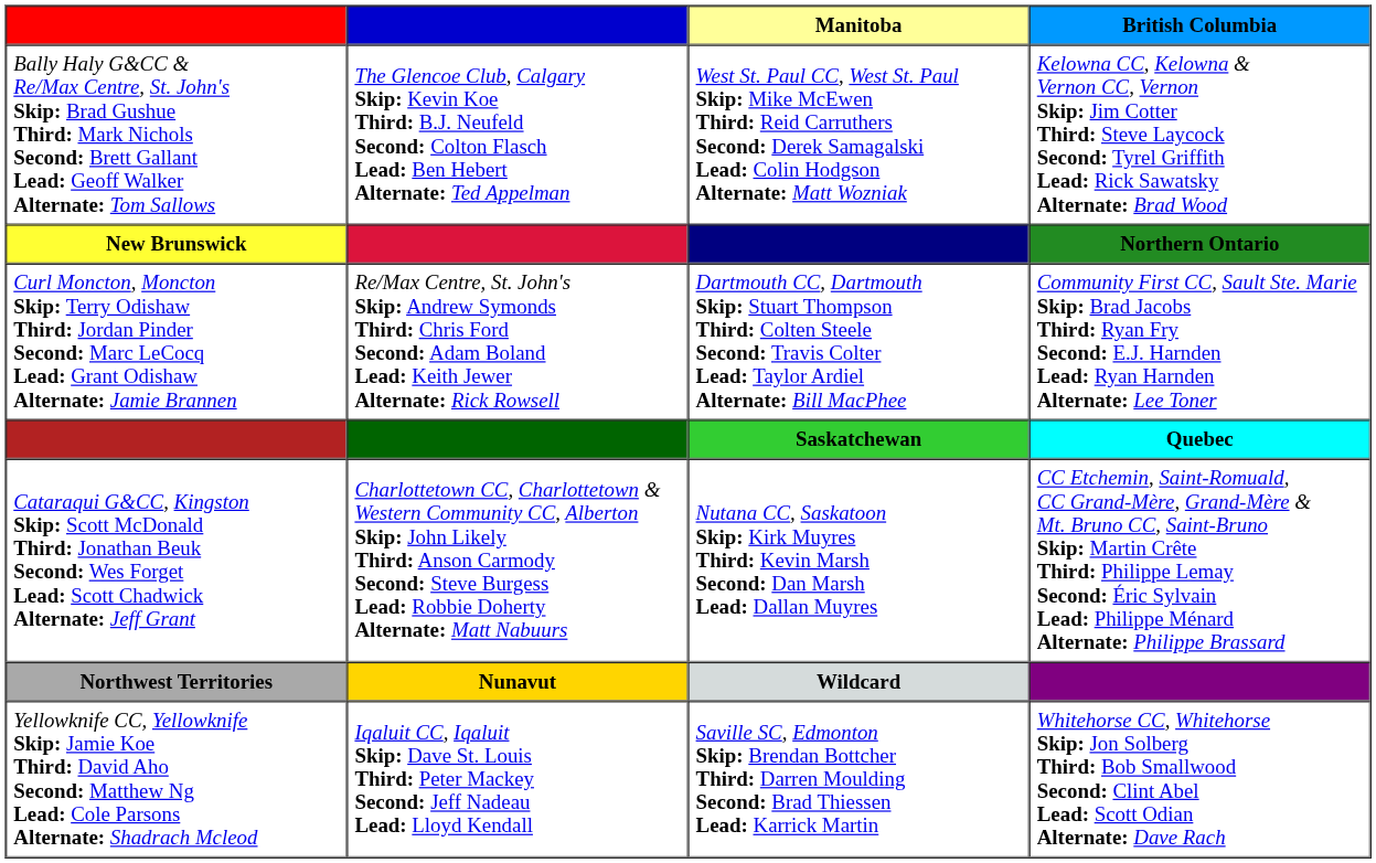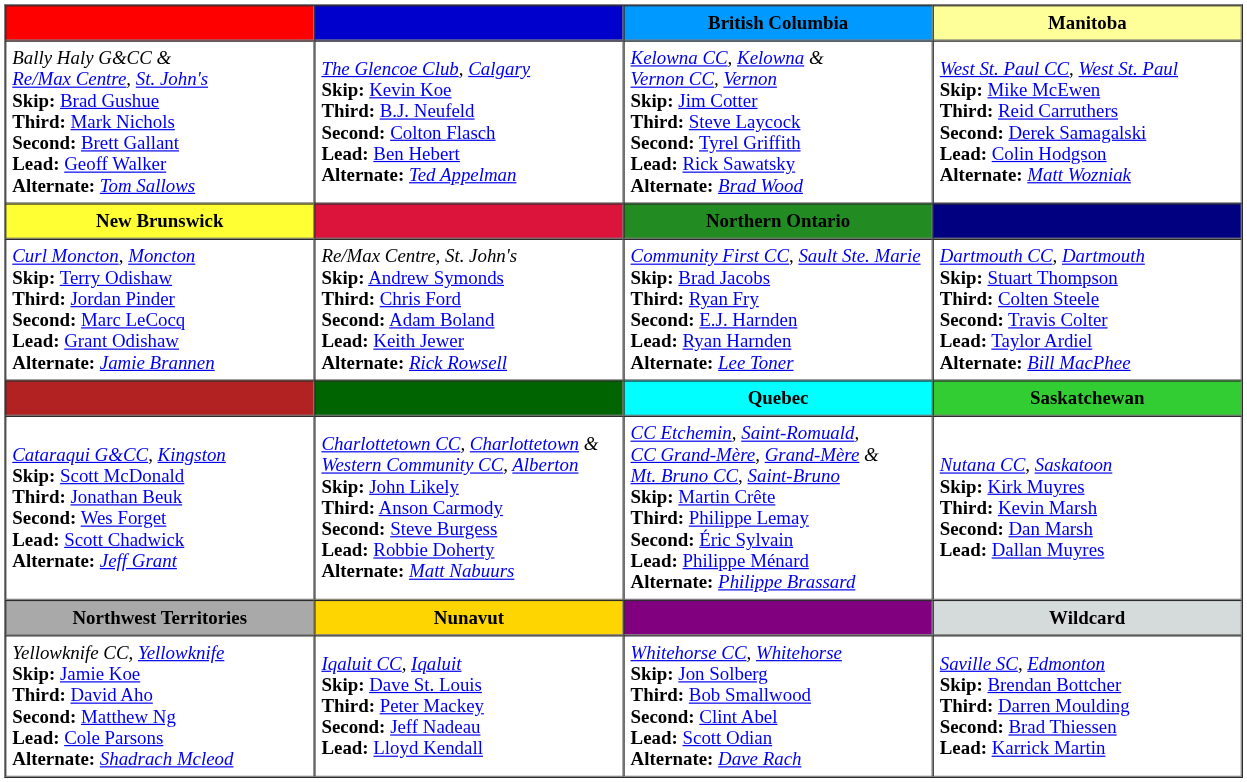 <table border=1 cellpadding=5 cellspacing=0>
 <tr>
 <th bgcolor="#FF0000" width="250"> </th>
 <th bgcolor="#0000CD" width="250"> </th>
+<th bgcolor="#0099FF" width="250"> British Columbia</th>
 <th bgcolor="#FFFF99" width="250"> Manitoba</th>
-<th bgcolor="#0099FF" width="250"> British Columbia</th>
 </tr>
 <tr>
 <td><em>Bally Haly G&CC &<br><a href='#'>Re/Max Centre</a>, <a href='#'>St. John's</a></em><br><strong>Skip:</strong> <a href='#'>Brad Gushue</a><br> <strong>Third:</strong> <a href='#'>Mark Nichols</a><br> <strong>Second:</strong> <a href='#'>Brett Gallant</a><br> <strong>Lead:</strong> <a href='#'>Geoff Walker</a><br> <strong>Alternate:</strong> <em><a href='#'>Tom Sallows</a></em></td>
 <td><em><a href='#'>The Glencoe Club</a>, <a href='#'>Calgary</a></em><br><strong>Skip:</strong> <a href='#'>Kevin Koe</a><br> <strong>Third:</strong> <a href='#'>B.J. Neufeld</a><br> <strong>Second:</strong> <a href='#'>Colton Flasch</a><br> <strong>Lead:</strong> <a href='#'>Ben Hebert</a> <br> <strong>Alternate:</strong> <em><a href='#'>Ted Appelman</a></em></td>
+<td><em><a href='#'>Kelowna CC</a>, <a href='#'>Kelowna</a> &<br><a href='#'>Vernon CC</a>, <a href='#'>Vernon</a></em><br><strong>Skip:</strong> <a href='#'>Jim Cotter</a><br> <strong>Third:</strong> <a href='#'>Steve Laycock</a><br> <strong>Second:</strong> <a href='#'>Tyrel Griffith</a><br> <strong>Lead:</strong> <a href='#'>Rick Sawatsky</a> <br> <strong>Alternate:</strong> <em><a href='#'>Brad Wood</a></em> </td>
 <td><em><a href='#'>West St. Paul CC</a>, <a href='#'>West St. Paul</a></em><br><strong>Skip:</strong> <a href='#'>Mike McEwen</a><br> <strong>Third:</strong> <a href='#'>Reid Carruthers</a><br> <strong>Second:</strong> <a href='#'>Derek Samagalski</a><br> <strong>Lead:</strong> <a href='#'>Colin Hodgson</a><br> <strong>Alternate:</strong> <em><a href='#'>Matt Wozniak</a></em></td>
-<td><em><a href='#'>Kelowna CC</a>, <a href='#'>Kelowna</a> &<br><a href='#'>Vernon CC</a>, <a href='#'>Vernon</a></em><br><strong>Skip:</strong> <a href='#'>Jim Cotter</a><br> <strong>Third:</strong> <a href='#'>Steve Laycock</a><br> <strong>Second:</strong> <a href='#'>Tyrel Griffith</a><br> <strong>Lead:</strong> <a href='#'>Rick Sawatsky</a> <br> <strong>Alternate:</strong> <em><a href='#'>Brad Wood</a></em> </td>
 </tr>
 <tr border=1 cellpadding=5 cellspacing=0>
 <th bgcolor="#FFFF33" width="250"> New Brunswick</th>
 <th bgcolor="#DC143C" width="250"> </th>
+<th bgcolor="#228B22" width="250"> Northern Ontario</th>
 <th bgcolor="#000080" width="250"> </th>
-<th bgcolor="#228B22" width="250"> Northern Ontario</th>
 </tr>
 <tr>
 <td><em><a href='#'>Curl Moncton</a>, <a href='#'>Moncton</a></em><br><strong>Skip:</strong> <a href='#'>Terry Odishaw</a><br> <strong>Third:</strong> <a href='#'>Jordan Pinder</a><br> <strong>Second:</strong> <a href='#'>Marc LeCocq</a> <br> <strong>Lead:</strong> <a href='#'>Grant Odishaw</a><br> <strong>Alternate:</strong> <em><a href='#'>Jamie Brannen</a></em> </td>
 <td><em>Re/Max Centre, St. John's</em><br><strong>Skip:</strong> <a href='#'>Andrew Symonds</a><br> <strong>Third:</strong> <a href='#'>Chris Ford</a><br> <strong>Second:</strong> <a href='#'>Adam Boland</a><br> <strong>Lead:</strong> <a href='#'>Keith Jewer</a><br> <strong>Alternate:</strong> <em><a href='#'>Rick Rowsell</a></em> </td>
+<td><em><a href='#'>Community First CC</a>, <a href='#'>Sault Ste. Marie</a></em><br><strong>Skip:</strong> <a href='#'>Brad Jacobs</a><br> <strong>Third:</strong> <a href='#'>Ryan Fry</a><br> <strong>Second:</strong> <a href='#'>E.J. Harnden</a><br> <strong>Lead:</strong> <a href='#'>Ryan Harnden</a><br> <strong>Alternate:</strong> <em><a href='#'>Lee Toner</a></em></td>
 <td><em><a href='#'>Dartmouth CC</a>, <a href='#'>Dartmouth</a></em><br><strong>Skip:</strong> <a href='#'>Stuart Thompson</a><br> <strong>Third:</strong> <a href='#'>Colten Steele</a><br> <strong>Second:</strong> <a href='#'>Travis Colter</a><br> <strong>Lead:</strong> <a href='#'>Taylor Ardiel</a><br> <strong>Alternate:</strong> <em><a href='#'>Bill MacPhee</a></em></td>
-<td><em><a href='#'>Community First CC</a>, <a href='#'>Sault Ste. Marie</a></em><br><strong>Skip:</strong> <a href='#'>Brad Jacobs</a><br> <strong>Third:</strong> <a href='#'>Ryan Fry</a><br> <strong>Second:</strong> <a href='#'>E.J. Harnden</a><br> <strong>Lead:</strong> <a href='#'>Ryan Harnden</a><br> <strong>Alternate:</strong> <em><a href='#'>Lee Toner</a></em></td>
 </tr>
 <tr border=1 cellpadding=5 cellspacing=0>
 <th bgcolor="#B22222" width="250"> </th>
 <th bgcolor="#006400" width="250"> </th>
+<th bgcolor="#00FFFF" width="250"> Quebec</th>
 <th bgcolor="#32CD32" width="250"> Saskatchewan</th>
-<th bgcolor="#00FFFF" width="250"> Quebec</th>
 </tr>
 <tr>
 <td><em><a href='#'>Cataraqui G&CC</a>, <a href='#'>Kingston</a></em><br><strong>Skip:</strong> <a href='#'>Scott McDonald</a><br> <strong>Third:</strong> <a href='#'>Jonathan Beuk</a><br> <strong>Second:</strong> <a href='#'>Wes Forget</a> <br> <strong>Lead:</strong> <a href='#'>Scott Chadwick</a> <br> <strong>Alternate:</strong> <em><a href='#'>Jeff Grant</a></em> </td>
 <td><em><a href='#'>Charlottetown CC</a>, <a href='#'>Charlottetown</a> &<br><a href='#'>Western Community CC</a>, <a href='#'>Alberton</a></em><br><strong>Skip:</strong> <a href='#'>John Likely</a><br> <strong>Third:</strong> <a href='#'>Anson Carmody</a><br> <strong>Second:</strong> <a href='#'>Steve Burgess</a><br> <strong>Lead:</strong> <a href='#'>Robbie Doherty</a> <br> <strong>Alternate:</strong> <em><a href='#'>Matt Nabuurs</a></em></td>
+<td><em><a href='#'>CC Etchemin</a>, <a href='#'>Saint-Romuald</a>,<br><a href='#'>CC Grand-Mère</a>, <a href='#'>Grand-Mère</a> &<br><a href='#'>Mt. Bruno CC</a>, <a href='#'>Saint-Bruno</a></em><br><strong>Skip:</strong> <a href='#'>Martin Crête</a><br> <strong>Third:</strong> <a href='#'>Philippe Lemay</a><br> <strong>Second:</strong> <a href='#'>Éric Sylvain</a><br> <strong>Lead:</strong> <a href='#'>Philippe Ménard</a><br> <strong>Alternate:</strong> <em><a href='#'>Philippe Brassard</a></em></td>
 <td><em><a href='#'>Nutana CC</a>, <a href='#'>Saskatoon</a></em><br><strong>Skip:</strong> <a href='#'>Kirk Muyres</a><br> <strong>Third:</strong> <a href='#'>Kevin Marsh</a><br> <strong>Second:</strong> <a href='#'>Dan Marsh</a><br> <strong>Lead:</strong> <a href='#'>Dallan Muyres</a></td>
-<td><em><a href='#'>CC Etchemin</a>, <a href='#'>Saint-Romuald</a>,<br><a href='#'>CC Grand-Mère</a>, <a href='#'>Grand-Mère</a> &<br><a href='#'>Mt. Bruno CC</a>, <a href='#'>Saint-Bruno</a></em><br><strong>Skip:</strong> <a href='#'>Martin Crête</a><br> <strong>Third:</strong> <a href='#'>Philippe Lemay</a><br> <strong>Second:</strong> <a href='#'>Éric Sylvain</a><br> <strong>Lead:</strong> <a href='#'>Philippe Ménard</a><br> <strong>Alternate:</strong> <em><a href='#'>Philippe Brassard</a></em></td>
 </tr>
 <tr border=1 cellpadding=5 cellspacing=0>
 <th bgcolor="#A9A9A9" width="250"> Northwest Territories</th>
 <th bgcolor="#FFDD500" width="250"> Nunavut</th>
+<th bgcolor="#800080" width="250"> </th>
 <th bgcolor="#d5dbdb" width="250"> Wildcard</th>
-<th bgcolor="#800080" width="250"> </th>
 </tr>
 <tr>
 <td><em>Yellowknife CC, <a href='#'>Yellowknife</a></em><br><strong>Skip:</strong> <a href='#'>Jamie Koe</a><br> <strong>Third:</strong> <a href='#'>David Aho</a><br> <strong>Second:</strong> <a href='#'>Matthew Ng</a> <br> <strong>Lead:</strong> <a href='#'>Cole Parsons</a><br> <strong>Alternate:</strong> <em><a href='#'>Shadrach Mcleod</a></em> </td>
 <td><em><a href='#'>Iqaluit CC</a>, <a href='#'>Iqaluit</a></em><br><strong>Skip:</strong> <a href='#'>Dave St. Louis</a><br> <strong>Third:</strong> <a href='#'>Peter Mackey</a><br> <strong>Second:</strong> <a href='#'>Jeff Nadeau</a><br> <strong>Lead:</strong> <a href='#'>Lloyd Kendall</a></td>
+<td><em><a href='#'>Whitehorse CC</a>, <a href='#'>Whitehorse</a></em><br><strong>Skip:</strong> <a href='#'>Jon Solberg</a><br> <strong>Third:</strong> <a href='#'>Bob Smallwood</a><br> <strong>Second:</strong> <a href='#'>Clint Abel</a><br> <strong>Lead:</strong> <a href='#'>Scott Odian</a><br> <strong>Alternate:</strong> <em><a href='#'>Dave Rach</a></em> </td>
 <td><em><a href='#'>Saville SC</a>, <a href='#'>Edmonton</a></em><br><strong>Skip:</strong> <a href='#'>Brendan Bottcher</a><br> <strong>Third:</strong> <a href='#'>Darren Moulding</a><br> <strong>Second:</strong> <a href='#'>Brad Thiessen</a><br> <strong>Lead:</strong> <a href='#'>Karrick Martin</a></td>
-<td><em><a href='#'>Whitehorse CC</a>, <a href='#'>Whitehorse</a></em><br><strong>Skip:</strong> <a href='#'>Jon Solberg</a><br> <strong>Third:</strong> <a href='#'>Bob Smallwood</a><br> <strong>Second:</strong> <a href='#'>Clint Abel</a><br> <strong>Lead:</strong> <a href='#'>Scott Odian</a><br> <strong>Alternate:</strong> <em><a href='#'>Dave Rach</a></em> </td>
 </tr>
 </table>
